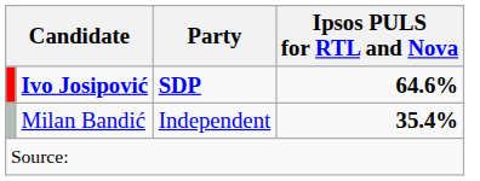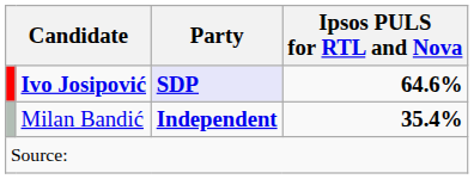 <table class="wikitable">
 <tr style="background:#e9e9e9;">
 <th colspan=2>Candidate</th>
 <th>Party</th>
 <th>Ipsos PULS<br>for <a href='#'>RTL</a> and <a href='#'>Nova</a></th>
 </tr>
 <tr>
 <td style="background:red;"></td>
 <td><strong><a href='#'>Ivo Josipović</a></strong></td>
-<td><strong><a href='#'>SDP</a></strong></td>
+<td style="background: lavender;"><strong><a href='#'>SDP</a></strong></td>
 <td style="text-align:right;"><strong>64.6%</strong></td>
 </tr>
 <tr>
 <td style="background:#b2beb5;"></td>
 <td><a href='#'>Milan Bandić</a></td>
-<td><a href='#'>Independent</a></td>
+<td><strong><a href='#'>Independent</a></strong></td>
 <td style="text-align:right;"><strong>35.4%</strong></td>
 </tr>
 <tr>
 <td colspan="6"><small>Source: </small></td>
 </tr>
 </table>
